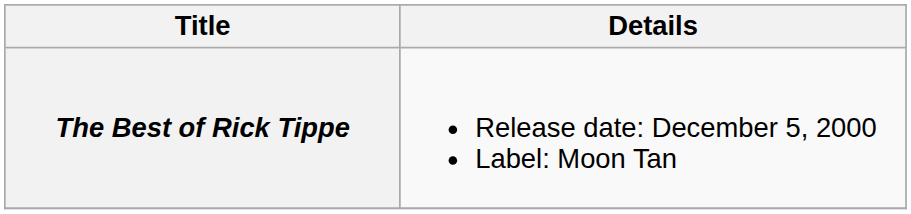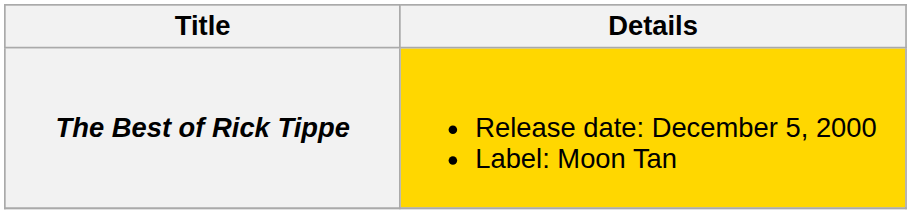 <table class="wikitable plainrowheaders">
 <tr>
 <th style="width:14em;">Title</th>
 <th style="width:18em;">Details</th>
 </tr>
 <tr>
 <th scope="row"><em>The Best of Rick Tippe</em></th>
-<td><br><ul><li>Release date: December 5, 2000</li><li>Label: Moon Tan</li></ul></td>
+<td style="background: gold;"><br><ul><li>Release date: December 5, 2000</li><li>Label: Moon Tan</li></ul></td>
 </tr>
 <tr>
 </tr>
 </table>
